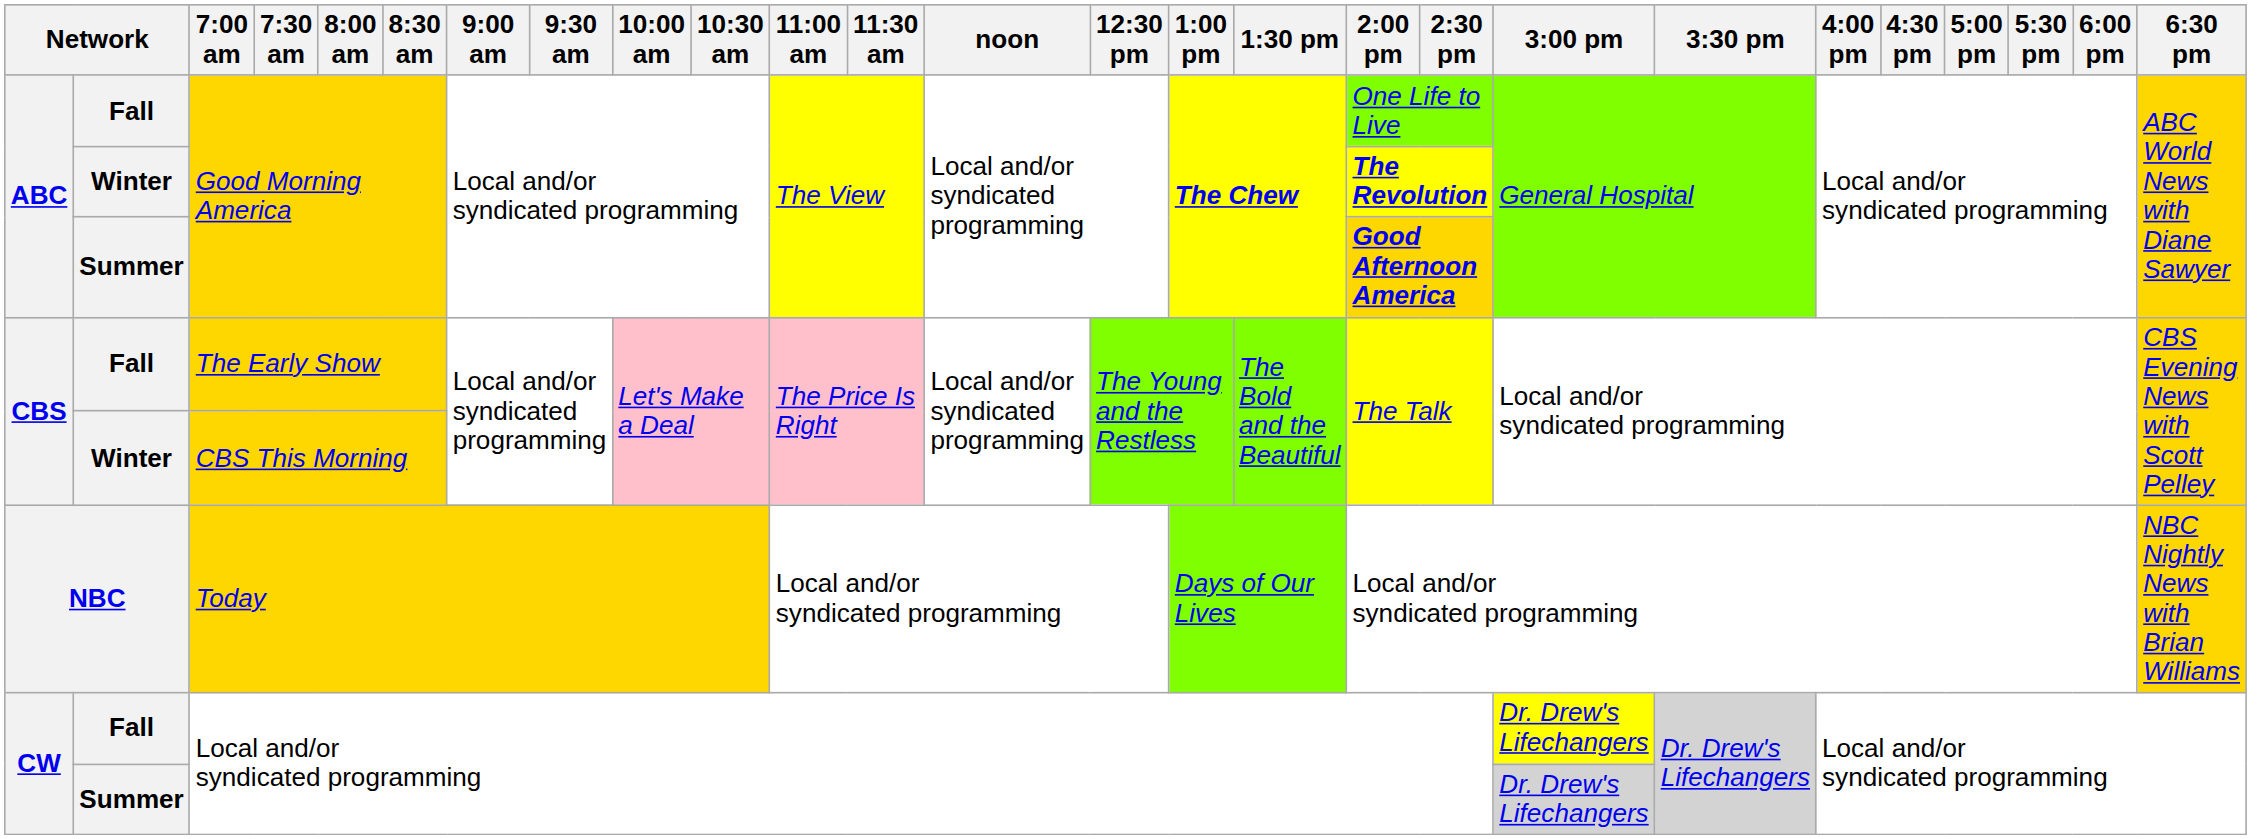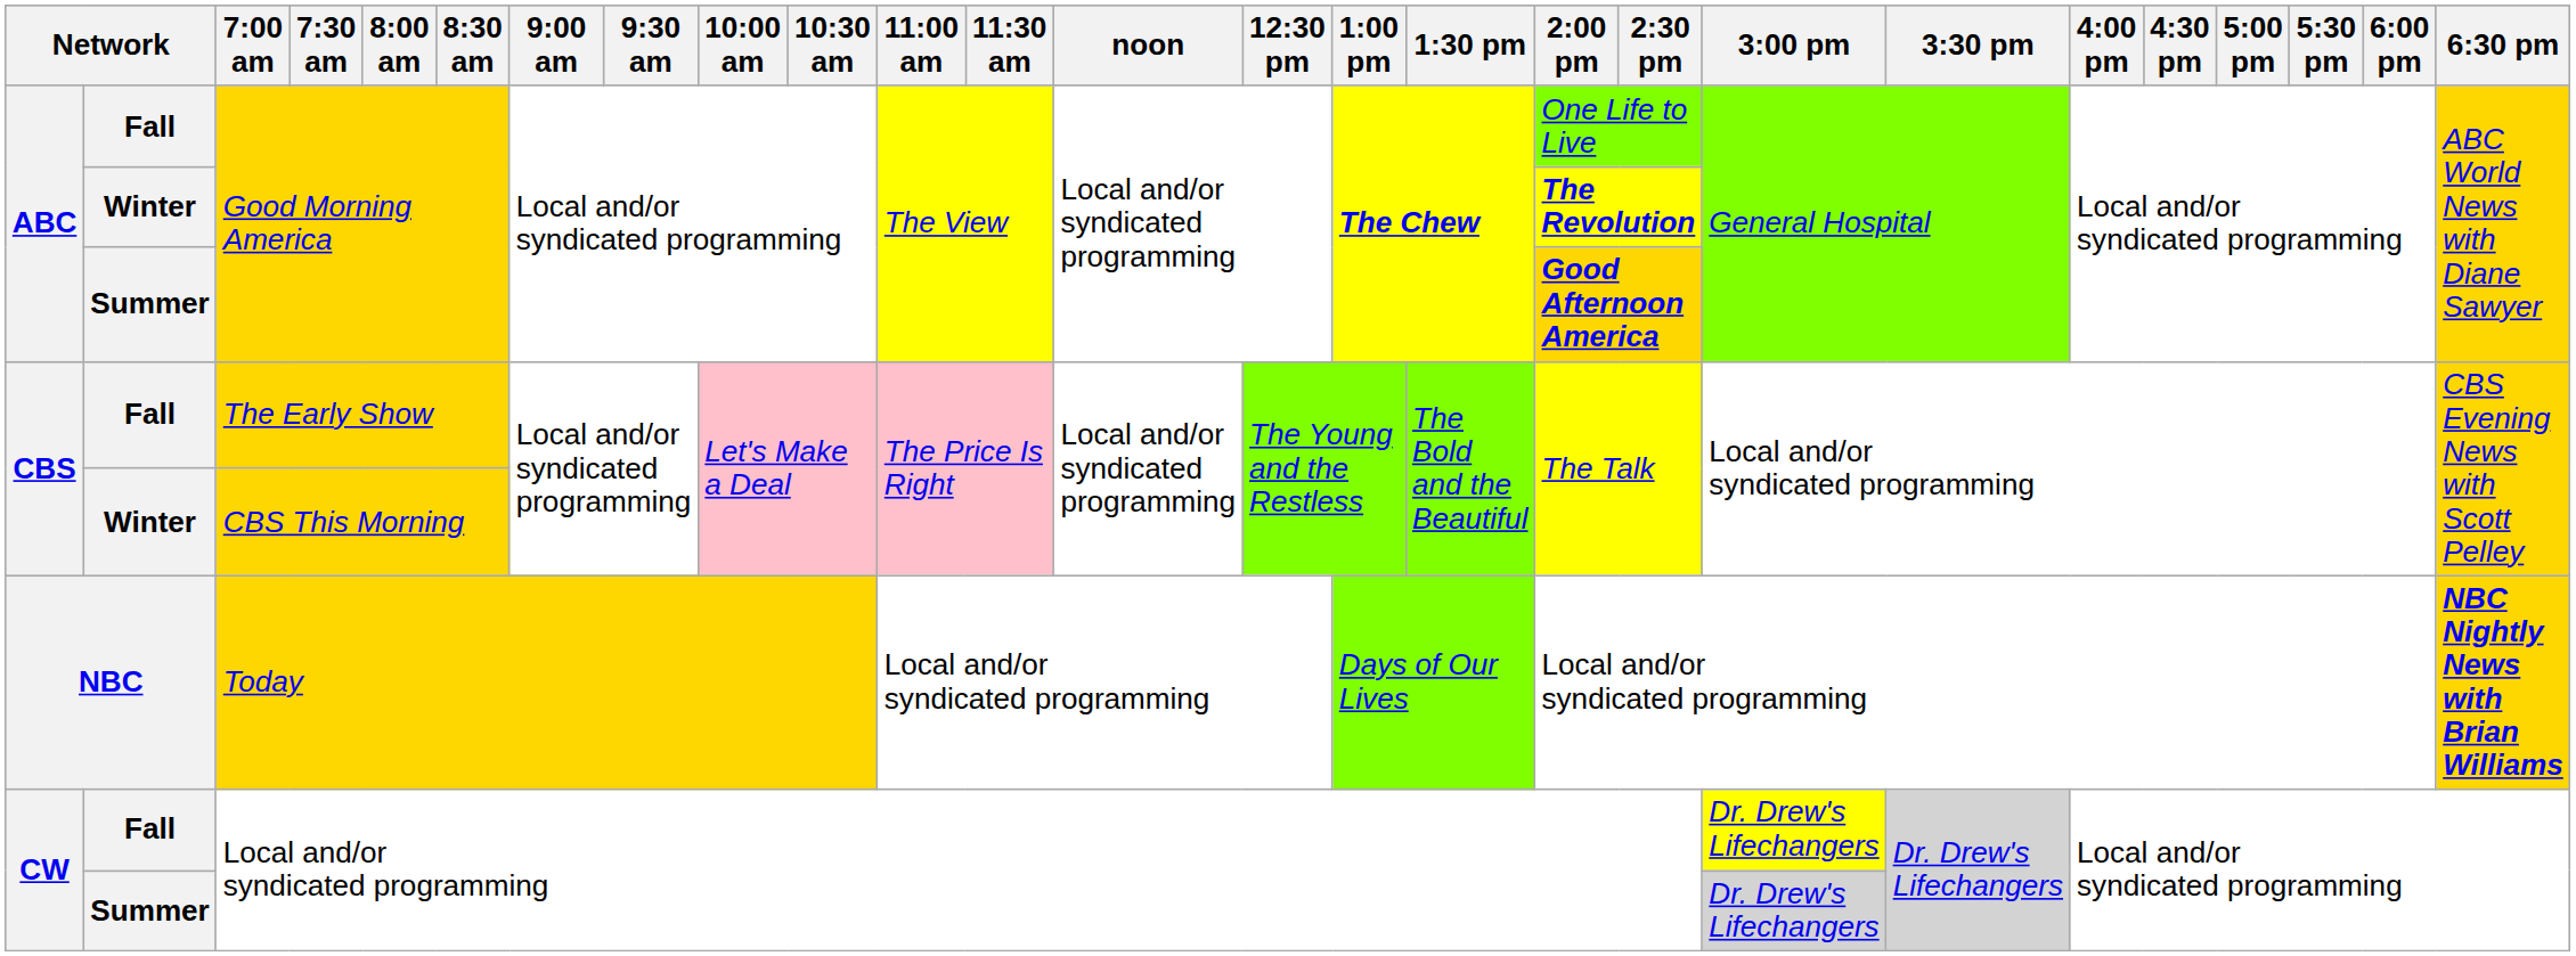 <table class=wikitable>
 <tr>
 <th width="1.5%" bgcolor="#C0C0C0" colspan="2">Network</th>
 <th width="4%" bgcolor="#C0C0C0">7:00 am</th>
 <th width="4%" bgcolor="#C0C0C0">7:30 am</th>
 <th width="4%" bgcolor="#C0C0C0">8:00 am</th>
 <th width="4%" bgcolor="#C0C0C0">8:30 am</th>
 <th width="4%" bgcolor="#C0C0C0">9:00 am</th>
 <th width="4%" bgcolor="#C0C0C0">9:30 am</th>
 <th width="4%" bgcolor="#C0C0C0">10:00 am</th>
 <th width="4%" bgcolor="#C0C0C0">10:30 am</th>
 <th width="4%" bgcolor="#C0C0C0">11:00 am</th>
 <th width="4%" bgcolor="#C0C0C0">11:30 am</th>
 <th width="4%" bgcolor="#C0C0C0">noon</th>
 <th width="4%" bgcolor="#C0C0C0">12:30 pm</th>
 <th width="4%" bgcolor="#C0C0C0">1:00 pm</th>
 <th width="4%" bgcolor="#C0C0C0">1:30 pm</th>
 <th width="4%" bgcolor="#C0C0C0">2:00 pm</th>
 <th width="4%" bgcolor="#C0C0C0">2:30 pm</th>
 <th width="4%" bgcolor="#C0C0C0">3:00 pm</th>
 <th width="4%" bgcolor="#C0C0C0">3:30 pm</th>
 <th width="4%" bgcolor="#C0C0C0">4:00 pm</th>
 <th width="4%" bgcolor="#C0C0C0">4:30 pm</th>
 <th width="4%" bgcolor="#C0C0C0">5:00 pm</th>
 <th width="4%" bgcolor="#C0C0C0">5:30 pm</th>
 <th width="4%" bgcolor="#C0C0C0">6:00 pm</th>
 <th width="4%" bgcolor="#C0C0C0">6:30 pm</th>
 </tr>
 <tr>
 <th bgcolor="#C0C0C0" rowspan="3"><a href='#'>ABC</a></th>
 <th>Fall</th>
 <td bgcolor="gold" colspan="4" rowspan="3"><em><a href='#'>Good Morning America</a></em></td>
 <td bgcolor="white" colspan="4" rowspan="3">Local and/or<br>syndicated programming</td>
 <td bgcolor="yellow" colspan="2" rowspan="3"><em><a href='#'>The View</a></em></td>
 <td bgcolor="white" colspan="2" rowspan="3">Local and/or<br>syndicated programming</td>
 <td bgcolor="yellow" colspan="2" rowspan="3"><strong><em><a href='#'>The Chew</a></em></strong></td>
 <td bgcolor="chartreuse" colspan="2"><em><a href='#'>One Life to Live</a></em></td>
 <td bgcolor="chartreuse" colspan="2" rowspan="3"><em><a href='#'>General Hospital</a></em></td>
 <td bgcolor="white" colspan="5" rowspan="3">Local and/or<br>syndicated programming</td>
 <td bgcolor="gold" rowspan="3"><em><a href='#'>ABC World News with Diane Sawyer</a></em></td>
 </tr>
 <tr>
 <th>Winter</th>
 <td bgcolor="yellow" colspan="2"><strong><em><a href='#'>The Revolution</a></em></strong></td>
 </tr>
 <tr>
 <th>Summer</th>
 <td bgcolor="gold" colspan="2"><strong><em><a href='#'>Good Afternoon America</a></em></strong></td>
 </tr>
 <tr>
 <th bgcolor="#C0C0C0" rowspan="2"><a href='#'>CBS</a></th>
 <th>Fall</th>
 <td bgcolor="gold" colspan="4"><em><a href='#'>The Early Show</a></em></td>
 <td bgcolor="white" colspan="2" rowspan="2">Local and/or<br>syndicated programming</td>
 <td bgcolor="pink" colspan="2" rowspan="2"><em><a href='#'>Let's Make a Deal</a></em></td>
 <td bgcolor="pink" colspan="2" rowspan="2"><em><a href='#'>The Price Is Right</a></em></td>
 <td bgcolor="white" rowspan="2">Local and/or<br>syndicated programming</td>
 <td bgcolor="chartreuse" colspan="2" rowspan="2"><em><a href='#'>The Young and the Restless</a></em></td>
 <td bgcolor="chartreuse" rowspan="2"><em><a href='#'>The Bold and the Beautiful</a></em></td>
 <td bgcolor="yellow" colspan="2" rowspan="2"><em><a href='#'>The Talk</a></em></td>
 <td bgcolor="white" colspan="7" rowspan="2">Local and/or<br>syndicated programming</td>
 <td bgcolor="gold" rowspan="2"><em><a href='#'>CBS Evening News with Scott Pelley</a></em></td>
 </tr>
 <tr>
 <th>Winter</th>
 <td bgcolor="gold" colspan="4"><em><a href='#'>CBS This Morning</a></em></td>
 </tr>
 <tr>
 <th bgcolor="#C0C0C0" colspan="2"><a href='#'>NBC</a></th>
 <td bgcolor="gold" colspan="8"><em><a href='#'>Today</a></em></td>
 <td bgcolor="white" colspan="4">Local and/or<br>syndicated programming</td>
 <td bgcolor="chartreuse" colspan="2"><em><a href='#'>Days of Our Lives</a></em></td>
 <td bgcolor="white" colspan="9">Local and/or<br>syndicated programming</td>
-<td bgcolor="gold"><em><a href='#'>NBC Nightly News with Brian Williams</a></em></td>
+<td bgcolor="gold"><strong><em><a href='#'>NBC Nightly News with Brian Williams</a></em></strong></td>
 </tr>
 <tr>
 <th bgcolor="#C0C0C0" rowspan="2"><a href='#'>CW</a></th>
 <th>Fall</th>
 <td bgcolor="white" colspan="16" rowspan="2">Local and/or<br>syndicated programming</td>
 <td bgcolor="yellow"><em><a href='#'>Dr. Drew's Lifechangers</a></em></td>
 <td bgcolor="lightgray" rowspan="2"><em><a href='#'>Dr. Drew's Lifechangers</a></em> </td>
 <td bgcolor="white" colspan="6" rowspan="2">Local and/or<br>syndicated programming</td>
 </tr>
 <tr>
 <th>Summer</th>
 <td bgcolor="lightgray"><em><a href='#'>Dr. Drew's Lifechangers</a></em> </td>
 </tr>
 </table>
